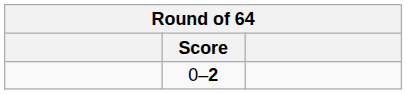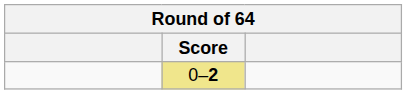 <table class="wikitable" style="text-align: center; font-size:90% ">
 <tr>
 <th colspan=3>Round of 64</th>
 </tr>
 <tr>
 <th align="right" width=120></th>
 <th width="60">Score</th>
 <th align="left" width=120></th>
 </tr>
 <tr>
 <td align=left></td>
-<td align=center>0–<strong>2</strong></td>
+<td align=center style="background: khaki;">0–<strong>2</strong></td>
 <td align=left><strong></strong></td>
 </tr>
 </table>
